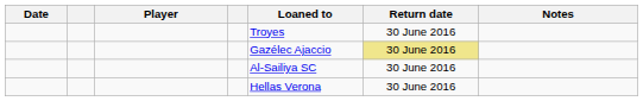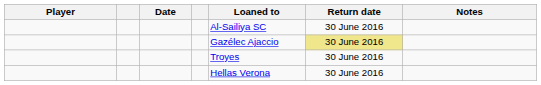 <table class="wikitable sortable">
 <tr>
+<th style="width:180px;">Player</th>
+<th style="width:30px;"></th>
 <th style="width:80px;">Date</th>
-<th style="width:30px;"></th>
-<th style="width:180px;">Player</th>
 <th style="width:20px;"></th>
 <th style="width:155px;">Loaned to</th>
 <th style="width:155px;" class="unsortable">Return date</th>
 <th style="width:215px;" class="unsortable">Notes</th>
 </tr>
 <tr>
+<td> </td>
+<td align=center></td>
 <td></td>
+<td></td>
+<td> <a href='#'>Al-Sailiya SC</a></td>
+<td align=center>30 June 2016</td>
 <td align=center></td>
+</tr>
+<tr>
 <td> </td>
+<td align=center></td>
+<td></td>
+<td></td>
+<td> <a href='#'>Gazélec Ajaccio</a></td>
+<td align=center style="background: khaki;">30 June 2016</td>
+<td align=center></td>
+</tr>
+<tr>
+<td> </td>
+<td align=center></td>
+<td></td>
 <td></td>
 <td> <a href='#'>Troyes</a></td>
 <td align=center>30 June 2016</td>
 <td align=center></td>
 </tr>
 <tr>
+<td> </td>
+<td align=center></td>
 <td></td>
-<td align=center></td>
-<td> </td>
-<td></td>
-<td> <a href='#'>Gazélec Ajaccio</a></td>
-<td align=center style="background: khaki;">30 June 2016</td>
-<td align=center></td>
-</tr>
-<tr>
-<td></td>
-<td align=center></td>
-<td> </td>
-<td></td>
-<td> <a href='#'>Al-Sailiya SC</a></td>
-<td align=center>30 June 2016</td>
-<td align=center></td>
-</tr>
-<tr>
-<td></td>
-<td align=center></td>
-<td> </td>
 <td></td>
 <td> <a href='#'>Hellas Verona</a></td>
 <td align=center>30 June 2016</td>
 <td align=center></td>
 </tr>
 </table>
